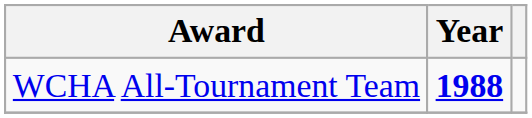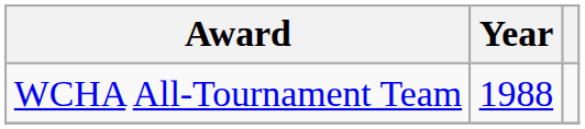 <table class="wikitable">
 <tr>
 <th>Award</th>
 <th>Year</th>
 <th></th>
 </tr>
 <tr>
 <td><a href='#'>WCHA</a> <a href='#'>All-Tournament Team</a></td>
-<td><strong><a href='#'>1988</a></strong></td>
+<td><a href='#'>1988</a></td>
 <td></td>
 </tr>
 <tr>
 </tr>
 </table>
